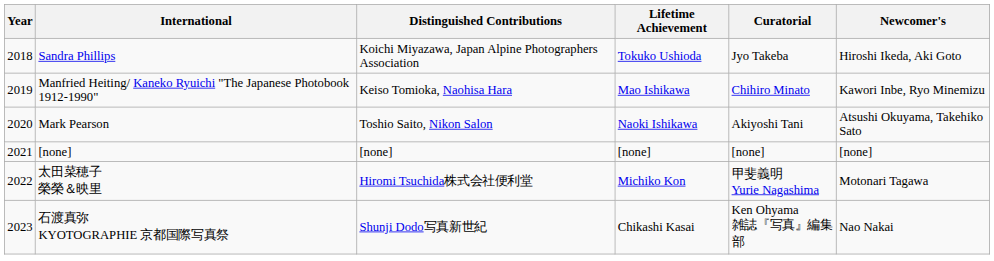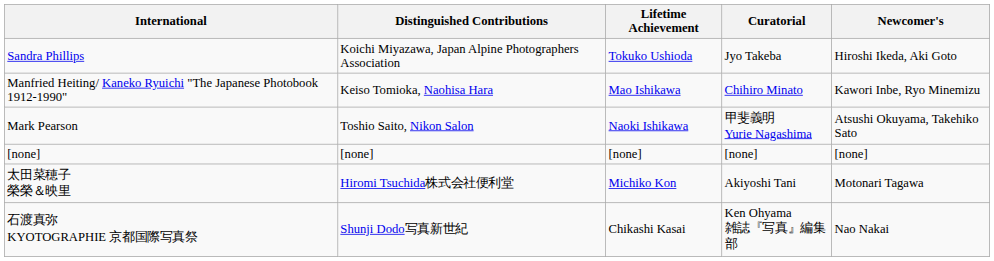 <table class="wikitable">
 <tr>
-<th>Year</th>
 <th>International</th>
 <th>Distinguished Contributions</th>
 <th>Lifetime Achievement</th>
 <th>Curatorial</th>
 <th>Newcomer's</th>
 </tr>
 <tr>
-<td>2018</td>
 <td><a href='#'>Sandra Phillips</a></td>
 <td>Koichi Miyazawa, Japan Alpine Photographers Association</td>
 <td><a href='#'>Tokuko Ushioda</a></td>
 <td>Jyo Takeba</td>
 <td>Hiroshi Ikeda, Aki Goto</td>
 </tr>
 <tr>
-<td>2019</td>
 <td>Manfried Heiting/ <a href='#'>Kaneko Ryuichi</a> "The Japanese Photobook 1912-1990"</td>
 <td>Keiso Tomioka, <a href='#'>Naohisa Hara</a></td>
 <td><a href='#'>Mao Ishikawa</a></td>
 <td><a href='#'>Chihiro Minato</a></td>
 <td>Kawori Inbe, Ryo Minemizu</td>
 </tr>
 <tr>
-<td>2020</td>
 <td>Mark Pearson</td>
 <td>Toshio Saito, <a href='#'>Nikon Salon</a></td>
 <td><a href='#'>Naoki Ishikawa</a></td>
-<td>Akiyoshi Tani</td>
+<td>甲斐義明<br><a href='#'>Yurie Nagashima</a></td>
 <td>Atsushi Okuyama, Takehiko Sato</td>
 </tr>
 <tr>
-<td>2021</td>
 <td>[none]</td>
 <td>[none]</td>
 <td>[none]</td>
 <td>[none]</td>
 <td>[none]</td>
 </tr>
 <tr>
-<td>2022</td>
 <td>太田菜穂子<br>榮榮＆映里</td>
 <td><a href='#'>Hiromi Tsuchida</a>株式会社便利堂</td>
 <td><a href='#'>Michiko Kon</a></td>
-<td>甲斐義明<br><a href='#'>Yurie Nagashima</a></td>
+<td>Akiyoshi Tani</td>
 <td>Motonari Tagawa</td>
 </tr>
 <tr>
-<td>2023</td>
 <td>石渡真弥<br>KYOTOGRAPHIE 京都国際写真祭</td>
 <td><a href='#'>Shunji Dodo</a>写真新世紀</td>
 <td>Chikashi Kasai</td>
 <td>Ken Ohyama<br>雑誌『写真』編集部</td>
 <td>Nao Nakai</td>
 </tr>
 </table>
